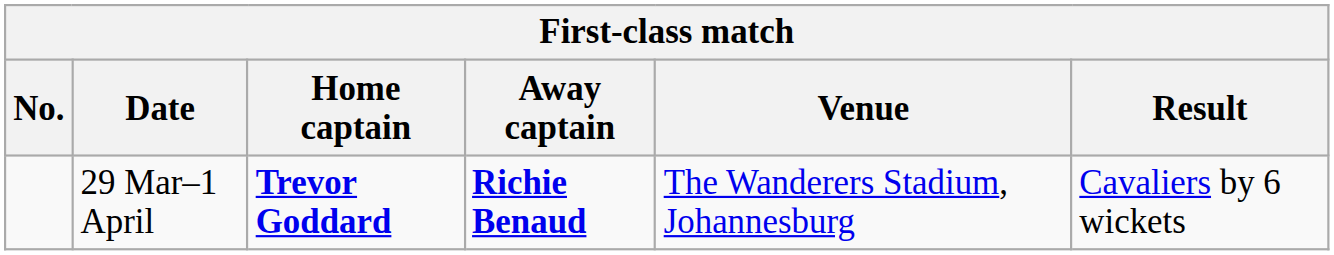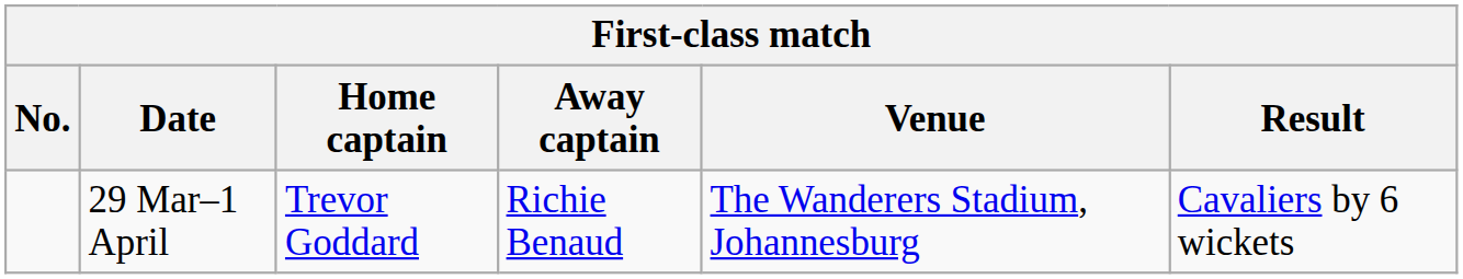 <table class="wikitable">
 <tr>
 <th colspan="9">First-class match</th>
 </tr>
 <tr>
 <th>No.</th>
 <th>Date</th>
 <th>Home captain</th>
 <th>Away captain</th>
 <th>Venue</th>
 <th>Result</th>
 </tr>
 <tr>
 <td></td>
 <td>29 Mar–1 April</td>
-<td><strong> <a href='#'>Trevor Goddard</a></strong></td>
-<td><strong><a href='#'>Richie Benaud</a></strong></td>
+<td> <a href='#'>Trevor Goddard</a></td>
+<td><a href='#'>Richie Benaud</a></td>
 <td><a href='#'>The Wanderers Stadium</a>, <a href='#'>Johannesburg</a></td>
 <td><a href='#'>Cavaliers</a> by 6 wickets</td>
 </tr>
 </table>
